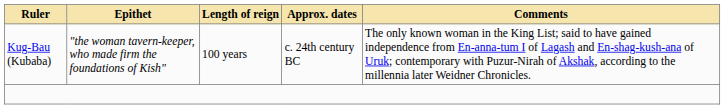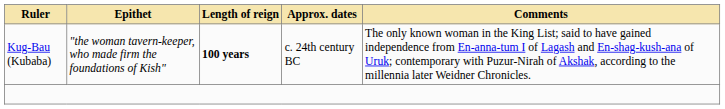 <table class="nowraplinks" cellspacing="0" cellpadding="3" width="600px" rules="all" style="background:#fbfbfb; border-style: solid; border-width: 1px; font-size:90%; empty-cells:show; border-collapse:collapse; width:100%;">
 <tr bgcolor="#F6E6AE">
 <th>Ruler</th>
 <th>Epithet</th>
 <th>Length of reign</th>
 <th>Approx. dates</th>
 <th>Comments</th>
 </tr>
 <tr>
 <td><a href='#'>Kug-Bau</a> (Kubaba)</td>
 <td><em>"the woman tavern-keeper, who made firm the foundations of Kish"</em></td>
-<td>100 years</td>
+<td><strong>100 years</strong></td>
 <td>c. 24th century BC</td>
 <td>The only known woman in the King List; said to have gained independence from <a href='#'>En-anna-tum I</a> of <a href='#'>Lagash</a> and <a href='#'>En-shag-kush-ana</a> of <a href='#'>Uruk</a>; contemporary with Puzur-Nirah of <a href='#'>Akshak</a>, according to the millennia later Weidner Chronicles.</td>
 </tr>
 <tr>
 <td colspan="5"><br></td>
 </tr>
 </table>
